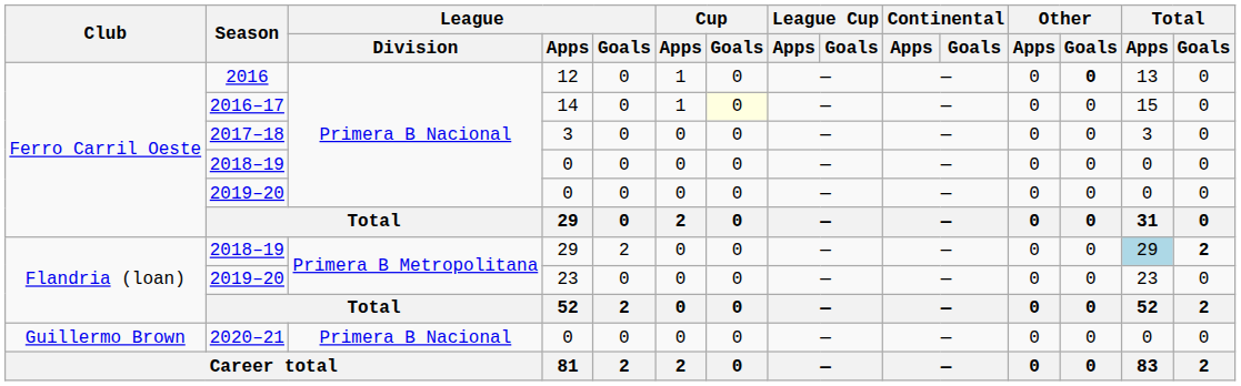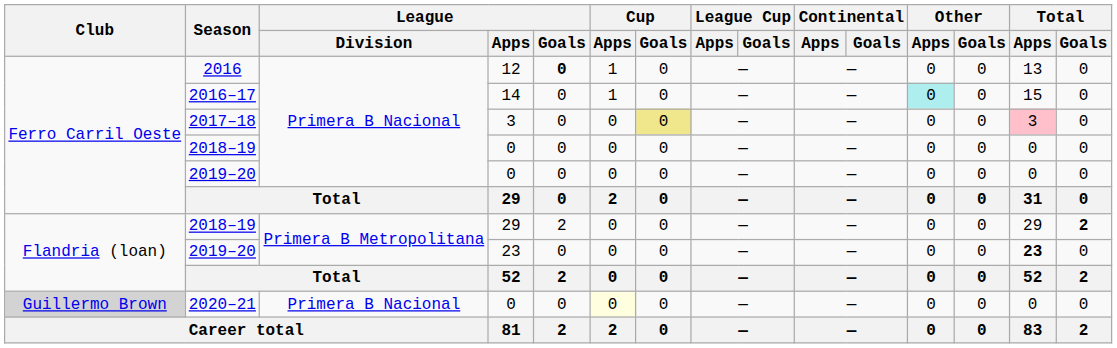 <table class="wikitable" style="text-align:center">
 <tr>
 <th rowspan="2">Club</th>
 <th rowspan="2">Season</th>
 <th colspan="3">League</th>
 <th colspan="2">Cup</th>
 <th colspan="2">League Cup</th>
 <th colspan="2">Continental</th>
 <th colspan="2">Other</th>
 <th colspan="2">Total</th>
 </tr>
 <tr>
 <th>Division</th>
 <th>Apps</th>
 <th>Goals</th>
 <th>Apps</th>
 <th>Goals</th>
 <th>Apps</th>
 <th>Goals</th>
 <th>Apps</th>
 <th>Goals</th>
 <th>Apps</th>
 <th>Goals</th>
 <th>Apps</th>
 <th>Goals</th>
 </tr>
 <tr>
 <td rowspan="6"><a href='#'>Ferro Carril Oeste</a></td>
 <td><a href='#'>2016</a></td>
 <td rowspan="5"><a href='#'>Primera B Nacional</a></td>
 <td>12</td>
-<td>0</td>
+<td><strong>0</strong></td>
 <td>1</td>
 <td>0</td>
 <td colspan="2">—</td>
 <td colspan="2">—</td>
 <td>0</td>
-<td><strong>0</strong></td>
+<td>0</td>
 <td>13</td>
 <td>0</td>
 </tr>
 <tr>
 <td><a href='#'>2016–17</a></td>
 <td>14</td>
 <td>0</td>
 <td>1</td>
-<td style="background: lightyellow;">0</td>
+<td>0</td>
 <td colspan="2">—</td>
 <td colspan="2">—</td>
-<td>0</td>
+<td style="background: paleturquoise;">0</td>
 <td>0</td>
 <td>15</td>
 <td>0</td>
 </tr>
 <tr>
 <td><a href='#'>2017–18</a></td>
 <td>3</td>
 <td>0</td>
 <td>0</td>
-<td>0</td>
+<td style="background: khaki;">0</td>
 <td colspan="2">—</td>
 <td colspan="2">—</td>
 <td>0</td>
 <td>0</td>
-<td>3</td>
+<td style="background: pink;">3</td>
 <td>0</td>
 </tr>
 <tr>
 <td><a href='#'>2018–19</a></td>
 <td>0</td>
 <td>0</td>
 <td>0</td>
 <td>0</td>
 <td colspan="2">—</td>
 <td colspan="2">—</td>
 <td>0</td>
 <td>0</td>
 <td>0</td>
 <td>0</td>
 </tr>
 <tr>
 <td><a href='#'>2019–20</a></td>
 <td>0</td>
 <td>0</td>
 <td>0</td>
 <td>0</td>
 <td colspan="2">—</td>
 <td colspan="2">—</td>
 <td>0</td>
 <td>0</td>
 <td>0</td>
 <td>0</td>
 </tr>
 <tr>
 <th colspan="2">Total</th>
 <th>29</th>
 <th>0</th>
 <th>2</th>
 <th>0</th>
 <th colspan="2">—</th>
 <th colspan="2">—</th>
 <th>0</th>
 <th>0</th>
 <th>31</th>
 <th>0</th>
 </tr>
 <tr>
 <td rowspan="3"><a href='#'>Flandria</a> (loan)</td>
 <td><a href='#'>2018–19</a></td>
 <td rowspan="2"><a href='#'>Primera B Metropolitana</a></td>
 <td>29</td>
 <td>2</td>
 <td>0</td>
 <td>0</td>
 <td colspan="2">—</td>
 <td colspan="2">—</td>
 <td>0</td>
 <td>0</td>
-<td style="background: lightblue;">29</td>
+<td>29</td>
 <td><strong>2</strong></td>
 </tr>
 <tr>
 <td><a href='#'>2019–20</a></td>
 <td>23</td>
 <td>0</td>
 <td>0</td>
 <td>0</td>
 <td colspan="2">—</td>
 <td colspan="2">—</td>
 <td>0</td>
 <td>0</td>
-<td>23</td>
+<td><strong>23</strong></td>
 <td>0</td>
 </tr>
 <tr>
 <th colspan="2">Total</th>
 <th>52</th>
 <th>2</th>
 <th>0</th>
 <th>0</th>
 <th colspan="2">—</th>
 <th colspan="2">—</th>
 <th>0</th>
 <th>0</th>
 <th>52</th>
 <th>2</th>
 </tr>
 <tr>
-<td rowspan="1"><a href='#'>Guillermo Brown</a></td>
+<td rowspan="1" style="background: lightgrey;"><a href='#'>Guillermo Brown</a></td>
 <td><a href='#'>2020–21</a></td>
 <td rowspan="1"><a href='#'>Primera B Nacional</a></td>
 <td>0</td>
 <td>0</td>
-<td>0</td>
+<td style="background: lightyellow;">0</td>
 <td>0</td>
 <td colspan="2">—</td>
 <td colspan="2">—</td>
 <td>0</td>
 <td>0</td>
 <td>0</td>
 <td>0</td>
 </tr>
 <tr>
 <th colspan="3">Career total</th>
 <th>81</th>
 <th>2</th>
 <th>2</th>
 <th>0</th>
 <th colspan="2">—</th>
 <th colspan="2">—</th>
 <th>0</th>
 <th>0</th>
 <th>83</th>
 <th>2</th>
 </tr>
 </table>
